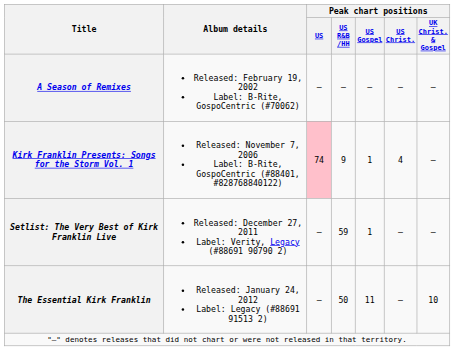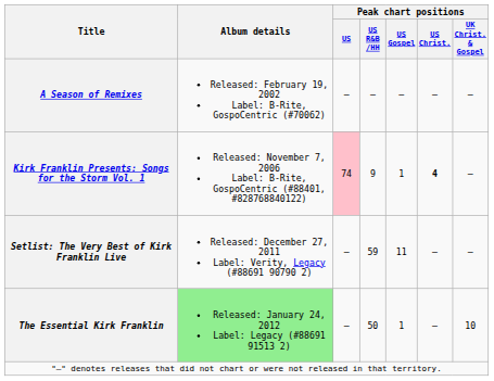 <table class="wikitable plainrowheaders" style="text-align:center;" border="1">
 <tr>
 <th scope="col" rowspan="2" style="width:19em;">Title</th>
 <th scope="col" rowspan="2" style="width:17em;">Album details</th>
 <th scope="col" colspan="5">Peak chart positions</th>
 </tr>
 <tr>
 <th scope="col" style="width:3em;font-size:85%;"><a href='#'>US</a><br></th>
 <th scope="col" style="width:3em;font-size:85%;"><a href='#'>US<br>R&B<br>/HH</a><br></th>
 <th scope="col" style="width:3em;font-size:85%;"><a href='#'>US Gospel</a><br></th>
 <th scope="col" style="width:3em;font-size:85%;"><a href='#'>US<br>Christ.</a><br></th>
 <th scope="col" style="width:3em;font-size:85%;"><a href='#'>UK<br>Christ.<br>& Gospel</a><br></th>
 </tr>
 <tr>
 <th scope="row"><em><a href='#'>A Season of Remixes</a></em></th>
 <td><br><ul><li>Released: February 19, 2002</li><li>Label: B-Rite, GospoCentric (#70062)</li></ul></td>
 <td>—</td>
 <td>—</td>
 <td>—</td>
 <td>—</td>
 <td>—</td>
 </tr>
 <tr>
 <th scope="row"><em><a href='#'>Kirk Franklin Presents: Songs for the Storm Vol. 1</a></em></th>
 <td><br><ul><li>Released: November 7, 2006</li><li>Label: B-Rite, GospoCentric (#88401, #828768840122)</li></ul></td>
 <td style="background: pink;">74</td>
 <td>9</td>
 <td>1</td>
-<td>4</td>
+<td><strong>4</strong></td>
 <td>—</td>
 </tr>
 <tr>
 <th scope="row"><em>Setlist: The Very Best of Kirk Franklin Live</em></th>
 <td><br><ul><li>Released: December 27, 2011</li><li>Label: Verity, <a href='#'>Legacy</a> (#88691 90790 2)</li></ul></td>
 <td>—</td>
 <td>59</td>
-<td>1</td>
+<td>11</td>
 <td>—</td>
 <td>—</td>
 </tr>
 <tr>
 <th scope="row"><em>The Essential Kirk Franklin</em></th>
-<td><br><ul><li>Released: January 24, 2012</li><li>Label: Legacy (#88691 91513 2)</li></ul></td>
+<td style="background: lightgreen;"><br><ul><li>Released: January 24, 2012</li><li>Label: Legacy (#88691 91513 2)</li></ul></td>
 <td>—</td>
 <td>50</td>
-<td>11</td>
+<td>1</td>
 <td>—</td>
 <td>10</td>
 </tr>
 <tr>
 <td colspan="9" style="text-align:center; font-size:9pt;">"—" denotes releases that did not chart or were not released in that territory.</td>
 </tr>
 </table>
